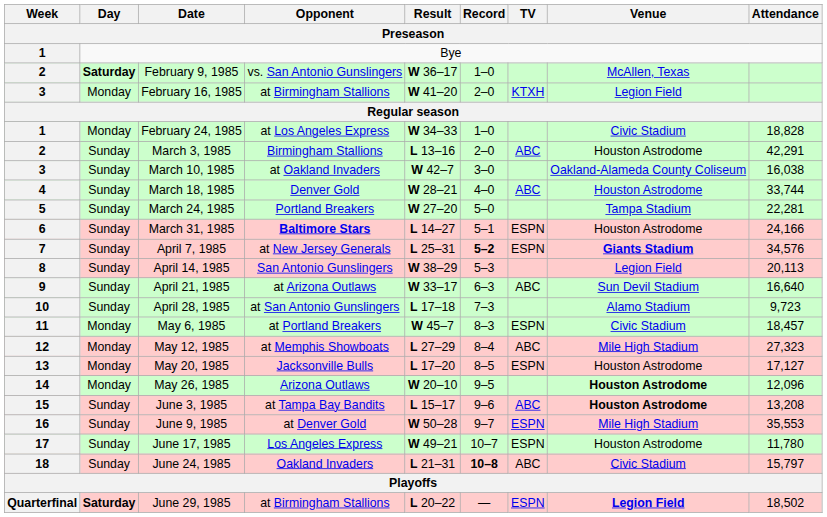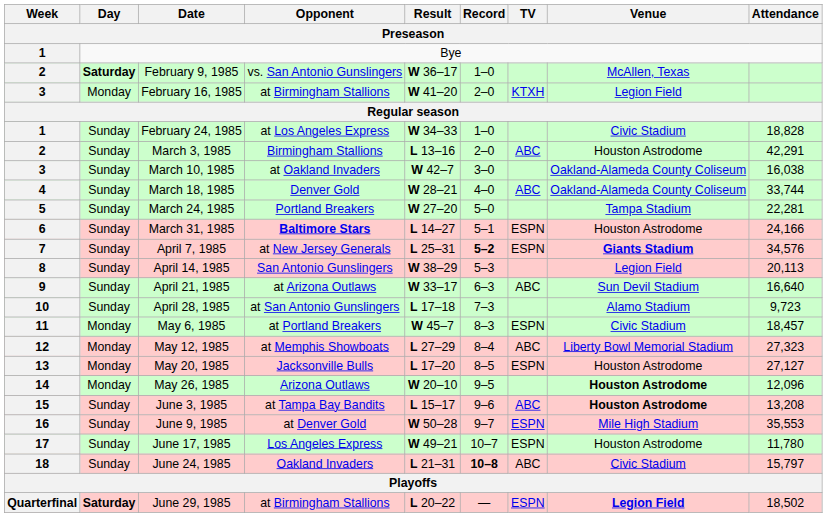 <table class="wikitable" style="text-align:center">
 <tr>
 <th>Week</th>
 <th>Day</th>
 <th>Date</th>
 <th>Opponent</th>
 <th>Result</th>
 <th>Record</th>
 <th>TV</th>
 <th>Venue</th>
 <th>Attendance</th>
 </tr>
 <tr>
 <th colspan="9">Preseason</th>
 </tr>
 <tr>
 <th>1</th>
 <td colspan=8>Bye</td>
 </tr>
 <tr style="background:#cfc">
 <th>2</th>
 <td><strong>Saturday</strong></td>
 <td>February 9, 1985</td>
 <td>vs. <a href='#'>San Antonio Gunslingers</a></td>
 <td><strong>W</strong> 36–17</td>
 <td>1–0</td>
 <td></td>
 <td><a href='#'>McAllen, Texas</a></td>
 <td></td>
 </tr>
 <tr style="background:#cfc">
 <th>3</th>
 <td>Monday</td>
 <td>February 16, 1985</td>
 <td>at <a href='#'>Birmingham Stallions</a></td>
 <td><strong>W</strong> 41–20</td>
 <td>2–0</td>
 <td><a href='#'>KTXH</a></td>
 <td><a href='#'>Legion Field</a></td>
 <td></td>
 </tr>
 <tr style="text-align:center;">
 <th colspan="9">Regular season</th>
 </tr>
 <tr style="background:#cfc">
 <th>1</th>
-<td>Monday</td>
+<td>Sunday</td>
 <td>February 24, 1985</td>
 <td>at <a href='#'>Los Angeles Express</a></td>
 <td><strong>W</strong> 34–33</td>
 <td>1–0</td>
 <td></td>
 <td><a href='#'>Civic Stadium</a></td>
 <td>18,828</td>
 </tr>
 <tr style="background:#cfc">
 <th>2</th>
 <td>Sunday</td>
 <td>March 3, 1985</td>
 <td><a href='#'>Birmingham Stallions</a></td>
 <td><strong>L</strong> 13–16</td>
 <td>2–0</td>
 <td><a href='#'>ABC</a></td>
 <td>Houston Astrodome</td>
 <td>42,291</td>
 </tr>
 <tr style="background:#cfc">
 <th>3</th>
 <td>Sunday</td>
 <td>March 10, 1985</td>
 <td>at <a href='#'>Oakland Invaders</a></td>
 <td><strong>W</strong> 42–7</td>
 <td>3–0</td>
 <td></td>
 <td><a href='#'>Oakland-Alameda County Coliseum</a></td>
 <td>16,038</td>
 </tr>
 <tr style="background:#cfc">
 <th>4</th>
 <td>Sunday</td>
 <td>March 18, 1985</td>
 <td><a href='#'>Denver Gold</a></td>
 <td><strong>W</strong> 28–21</td>
 <td>4–0</td>
 <td><a href='#'>ABC</a></td>
-<td><a href='#'>Houston Astrodome</a></td>
+<td><a href='#'>Oakland-Alameda County Coliseum</a></td>
 <td>33,744</td>
 </tr>
 <tr style="background:#cfc">
 <th>5</th>
 <td>Sunday</td>
 <td>March 24, 1985</td>
 <td><a href='#'>Portland Breakers</a></td>
 <td><strong>W</strong> 27–20</td>
 <td>5–0</td>
 <td></td>
 <td><a href='#'>Tampa Stadium</a></td>
 <td>22,281</td>
 </tr>
 <tr style="background:#fcc">
 <th>6</th>
 <td>Sunday</td>
 <td>March 31, 1985</td>
 <td><strong><a href='#'>Baltimore Stars</a></strong></td>
 <td><strong>L</strong> 14–27</td>
 <td>5–1</td>
 <td>ESPN</td>
 <td>Houston Astrodome</td>
 <td>24,166</td>
 </tr>
 <tr style="background:#fcc">
 <th>7</th>
 <td>Sunday</td>
 <td>April 7, 1985</td>
 <td>at <a href='#'>New Jersey Generals</a></td>
 <td><strong>L</strong> 25–31</td>
 <td><strong>5–2</strong></td>
 <td>ESPN</td>
 <td><strong><a href='#'>Giants Stadium</a></strong></td>
 <td>34,576</td>
 </tr>
 <tr style="background:#fcc">
 <th>8</th>
 <td>Sunday</td>
 <td>April 14, 1985</td>
 <td><a href='#'>San Antonio Gunslingers</a></td>
 <td><strong>W</strong> 38–29</td>
 <td>5–3</td>
 <td></td>
 <td><a href='#'>Legion Field</a></td>
 <td>20,113</td>
 </tr>
 <tr style="background:#cfc">
 <th>9</th>
 <td>Sunday</td>
 <td>April 21, 1985</td>
 <td>at <a href='#'>Arizona Outlaws</a></td>
 <td><strong>W</strong> 33–17</td>
 <td>6–3</td>
 <td>ABC</td>
 <td><a href='#'>Sun Devil Stadium</a></td>
 <td>16,640</td>
 </tr>
 <tr style="background:#cfc">
 <th>10</th>
 <td>Sunday</td>
 <td>April 28, 1985</td>
 <td>at <a href='#'>San Antonio Gunslingers</a></td>
 <td><strong>L</strong> 17–18</td>
 <td>7–3</td>
 <td></td>
 <td><a href='#'>Alamo Stadium</a></td>
 <td>9,723</td>
 </tr>
 <tr style="background:#cfc">
 <th>11</th>
 <td>Monday</td>
 <td>May 6, 1985</td>
 <td>at <a href='#'>Portland Breakers</a></td>
 <td><strong>W</strong> 45–7</td>
 <td>8–3</td>
 <td>ESPN</td>
 <td><a href='#'>Civic Stadium</a></td>
 <td>18,457</td>
 </tr>
 <tr style="background:#fcc">
 <th>12</th>
 <td>Monday</td>
 <td>May 12, 1985</td>
 <td>at <a href='#'>Memphis Showboats</a></td>
 <td><strong>L</strong> 27–29</td>
 <td>8–4</td>
 <td>ABC</td>
-<td><a href='#'>Mile High Stadium</a></td>
+<td><a href='#'>Liberty Bowl Memorial Stadium</a></td>
 <td>27,323</td>
 </tr>
 <tr style="background:#fcc">
 <th>13</th>
 <td>Monday</td>
 <td>May 20, 1985</td>
 <td><a href='#'>Jacksonville Bulls</a></td>
 <td><strong>L</strong> 17–20</td>
 <td>8–5</td>
 <td>ESPN</td>
 <td>Houston Astrodome</td>
-<td>17,127</td>
+<td>27,127</td>
 </tr>
 <tr style="background:#cfc">
 <th>14</th>
 <td>Monday</td>
 <td>May 26, 1985</td>
 <td><a href='#'>Arizona Outlaws</a></td>
 <td><strong>W</strong> 20–10</td>
 <td>9–5</td>
 <td></td>
 <td><strong>Houston Astrodome</strong></td>
 <td>12,096</td>
 </tr>
 <tr style="background:#fcc">
 <th>15</th>
 <td>Sunday</td>
 <td>June 3, 1985</td>
 <td>at <a href='#'>Tampa Bay Bandits</a></td>
 <td><strong>L</strong> 15–17</td>
 <td>9–6</td>
 <td><a href='#'>ABC</a></td>
 <td><strong>Houston Astrodome</strong></td>
 <td>13,208</td>
 </tr>
 <tr style="background:#fcc">
 <th>16</th>
 <td>Sunday</td>
 <td>June 9, 1985</td>
 <td>at <a href='#'>Denver Gold</a></td>
 <td><strong>W</strong> 50–28</td>
 <td>9–7</td>
 <td><a href='#'>ESPN</a></td>
 <td><a href='#'>Mile High Stadium</a></td>
 <td>35,553</td>
 </tr>
 <tr style="background:#cfc">
 <th>17</th>
 <td>Sunday</td>
 <td>June 17, 1985</td>
 <td><a href='#'>Los Angeles Express</a></td>
 <td><strong>W</strong> 49–21</td>
 <td>10–7</td>
 <td>ESPN</td>
 <td>Houston Astrodome</td>
 <td>11,780</td>
 </tr>
 <tr style="background:#fcc">
 <th>18</th>
 <td>Sunday</td>
 <td>June 24, 1985</td>
 <td><a href='#'>Oakland Invaders</a></td>
 <td><strong>L</strong> 21–31</td>
 <td><strong>10–8</strong></td>
 <td>ABC</td>
 <td><a href='#'>Civic Stadium</a></td>
 <td>15,797</td>
 </tr>
 <tr style="text-align:center;">
 <th colspan="9">Playoffs</th>
 </tr>
 <tr style="background:#fcc">
 <th>Quarterfinal</th>
 <td><strong>Saturday</strong></td>
 <td>June 29, 1985</td>
 <td>at <a href='#'>Birmingham Stallions</a></td>
 <td><strong>L</strong> 20–22</td>
 <td>—</td>
 <td><a href='#'>ESPN</a></td>
 <td><strong><a href='#'>Legion Field</a></strong></td>
 <td>18,502</td>
 </tr>
 </table>
